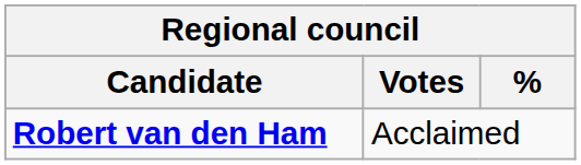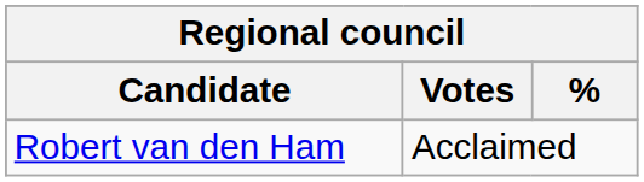 <table class="wikitable">
 <tr>
 <th colspan="3">Regional council</th>
 </tr>
 <tr>
 <th style="width: 170px">Candidate</th>
 <th style="width: 50px">Votes</th>
 <th style="width: 40px">%</th>
 </tr>
 <tr>
-<td><strong><a href='#'>Robert van den Ham</a></strong></td>
+<td><a href='#'>Robert van den Ham</a></td>
 <td colspan="2">Acclaimed</td>
 </tr>
 </table>
